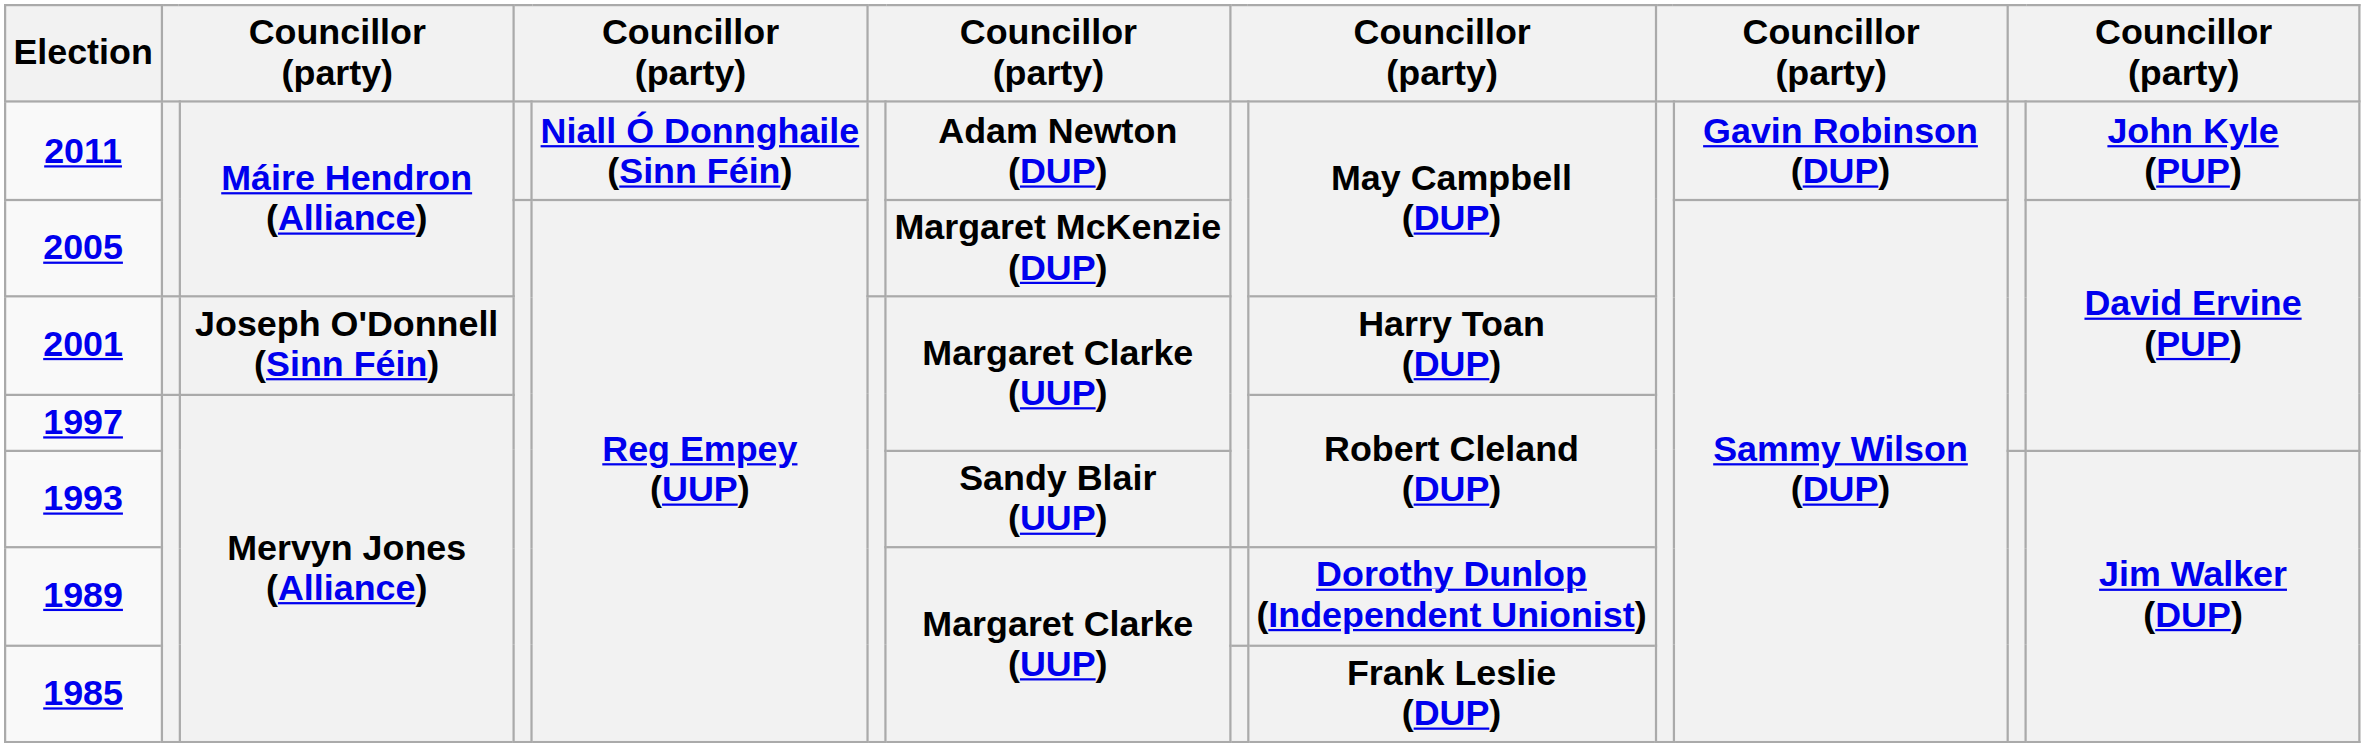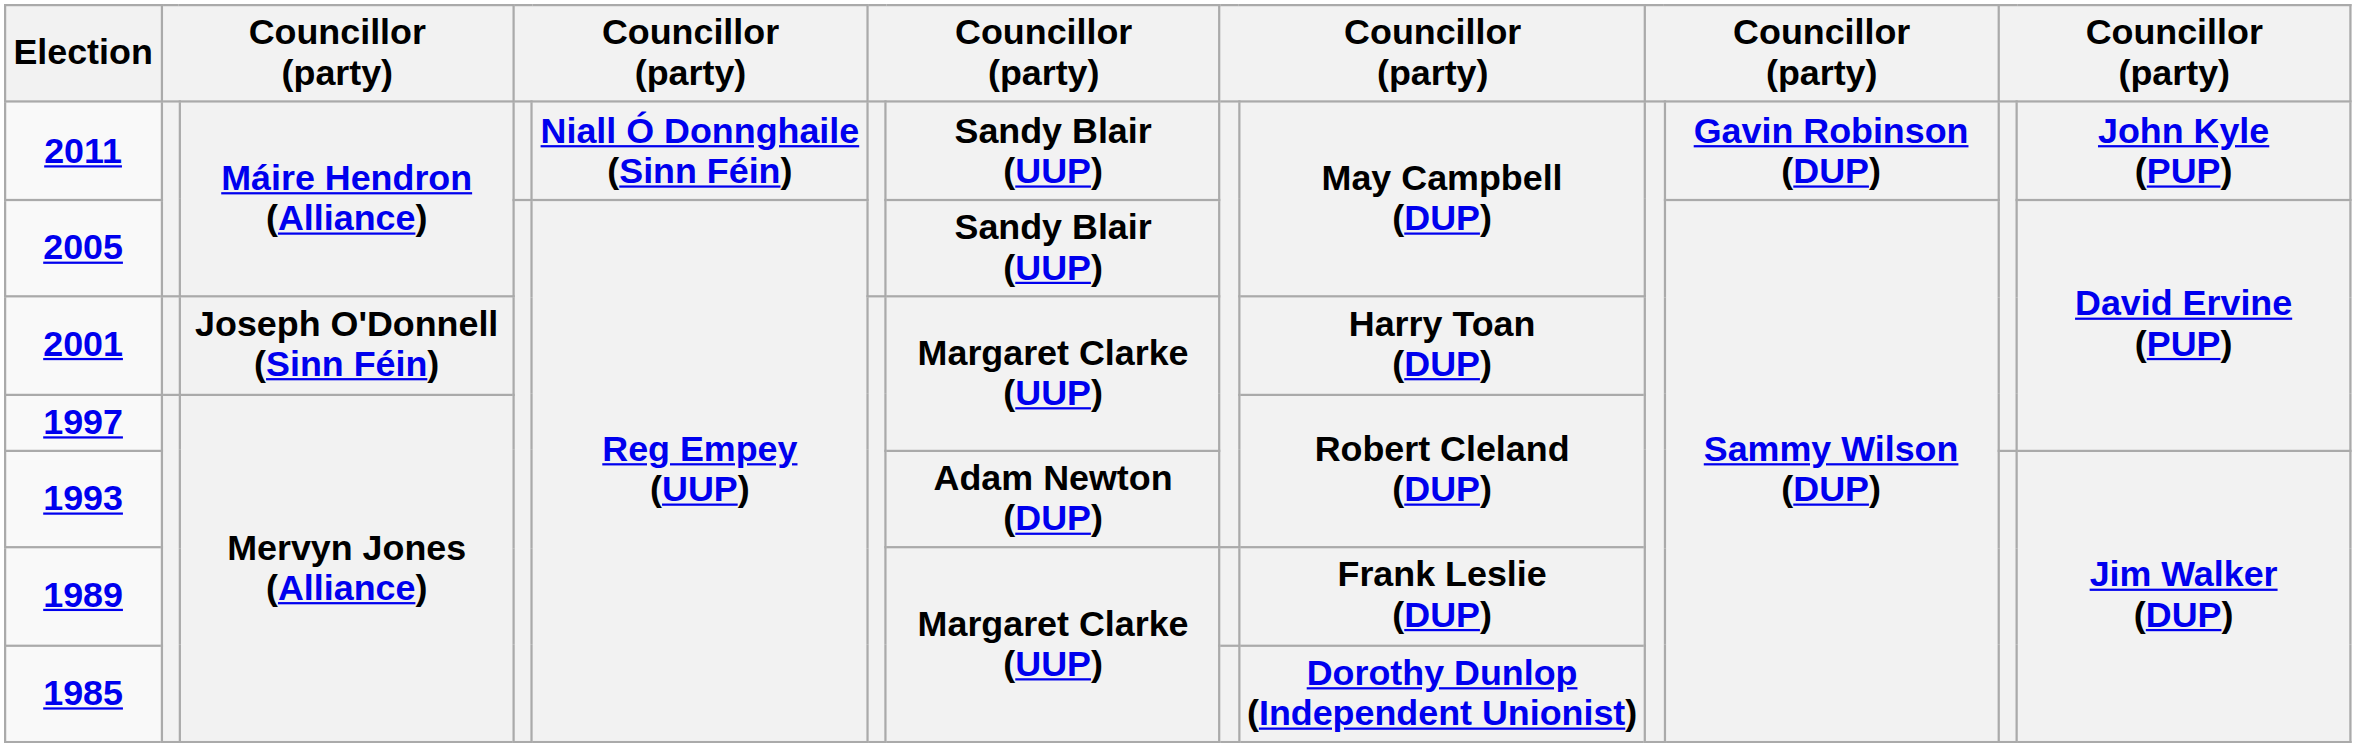 <table class="wikitable" style="text-align:center">
 <tr>
 <th scope="col" width="50">Election</th>
 <th scope="col" width="150" colspan = "2">Councillor<br> (party)</th>
 <th scope="col" width="150" colspan = "2">Councillor<br> (party)</th>
 <th scope="col" width="150" colspan = "2">Councillor<br> (party)</th>
 <th scope="col" width="150" colspan = "2">Councillor<br> (party)</th>
 <th scope="col" width="150" colspan = "2">Councillor<br> (party)</th>
 <th scope="col" width="150" colspan = "2">Councillor<br> (party)</th>
 </tr>
 <tr>
 <td><strong><a href='#'>2011</a></strong></td>
 <th rowspan="2" width="1" style="background-color: "></th>
 <th rowspan = "2"><a href='#'>Máire Hendron</a> <br> (<a href='#'>Alliance</a>)</th>
 <th rowspan="1" width="1" style="background-color: "></th>
 <th rowspan = "1"><a href='#'>Niall Ó Donnghaile</a> <br>  (<a href='#'>Sinn Féin</a>)</th>
 <th rowspan="2" width="1" style="background-color: "></th>
-<th rowspan = "1">Adam Newton <br> (<a href='#'>DUP</a>)</th>
+<th rowspan = "1">Sandy Blair <br> (<a href='#'>UUP</a>)</th>
 <th rowspan="5" width="1" style="background-color: "></th>
 <th rowspan = "2">May Campbell <br> (<a href='#'>DUP</a>)</th>
 <th rowspan="7" width="1" style="background-color: "></th>
 <th rowspan = "1"><a href='#'>Gavin Robinson</a> <br> (<a href='#'>DUP</a>)</th>
 <th rowspan="4" width="1" style="background-color: "></th>
 <th rowspan = "1"><a href='#'>John Kyle</a> <br> (<a href='#'>PUP</a>)</th>
 </tr>
 <tr>
 <td><strong><a href='#'>2005</a></strong></td>
 <th rowspan="6" width="1" style="background-color: "></th>
 <th rowspan = "6"><a href='#'>Reg Empey</a> <br> (<a href='#'>UUP</a>)</th>
-<th rowspan = "1">Margaret McKenzie <br> (<a href='#'>DUP</a>)</th>
+<th rowspan = "1">Sandy Blair <br> (<a href='#'>UUP</a>)</th>
 <th rowspan = "6"><a href='#'>Sammy Wilson</a> <br> (<a href='#'>DUP</a>)</th>
 <th rowspan = "3"><a href='#'>David Ervine</a> <br> (<a href='#'>PUP</a>)</th>
 </tr>
 <tr>
 <td><strong><a href='#'>2001</a></strong></td>
 <th rowspan="1" width="1" style="background-color: "></th>
 <th rowspan = "1">Joseph O'Donnell <br>  (<a href='#'>Sinn Féin</a>)</th>
 <th rowspan="5" width="1" style="background-color: "></th>
 <th rowspan = "2">Margaret Clarke <br> (<a href='#'>UUP</a>)</th>
 <th rowspan = "1">Harry Toan <br> (<a href='#'>DUP</a>)</th>
 </tr>
 <tr>
 <td><strong><a href='#'>1997</a></strong></td>
 <th rowspan="4" width="1" style="background-color: "></th>
 <th rowspan = "4">Mervyn Jones <br> (<a href='#'>Alliance</a>)</th>
 <th rowspan = "2">Robert Cleland <br> (<a href='#'>DUP</a>)</th>
 </tr>
 <tr>
 <td><strong><a href='#'>1993</a></strong></td>
-<th rowspan = "1">Sandy Blair <br> (<a href='#'>UUP</a>)</th>
+<th rowspan = "1">Adam Newton <br> (<a href='#'>DUP</a>)</th>
 <th rowspan="3" width="1" style="background-color: "></th>
 <th rowspan = "3"><a href='#'>Jim Walker</a> <br> (<a href='#'>DUP</a>)</th>
 </tr>
 <tr>
 <td><strong><a href='#'>1989</a></strong></td>
 <th rowspan = "2">Margaret Clarke <br> (<a href='#'>UUP</a>)</th>
 <th rowspan="1" width="1" style="background-color: "></th>
-<th rowspan = "1"><a href='#'>Dorothy Dunlop</a> <br> (<a href='#'>Independent Unionist</a>)</th>
+<th rowspan = "1">Frank Leslie <br> (<a href='#'>DUP</a>)</th>
 </tr>
 <tr>
 <td><strong><a href='#'>1985</a></strong></td>
 <th rowspan="1" width="1" style="background-color: "></th>
-<th rowspan = "1">Frank Leslie <br> (<a href='#'>DUP</a>)</th>
+<th rowspan = "1"><a href='#'>Dorothy Dunlop</a> <br> (<a href='#'>Independent Unionist</a>)</th>
 </tr>
 </table>
